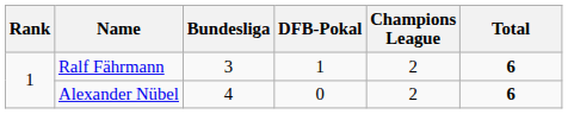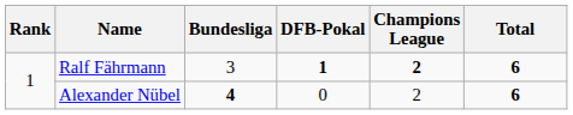 <table class="wikitable" style="text-align:center;">
 <tr>
 <th>Rank</th>
 <th>Name</th>
 <th>Bundesliga</th>
 <th>DFB-Pokal</th>
 <th>Champions<br>League</th>
 <th style="width:85px;">Total</th>
 </tr>
 <tr>
 <td rowspan=2>1</td>
 <td align="left"> <a href='#'>Ralf Fährmann</a></td>
 <td>3</td>
-<td>1</td>
-<td>2</td>
+<td><strong>1</strong></td>
+<td><strong>2</strong></td>
 <td><strong>6</strong></td>
 </tr>
 <tr>
 <td align="left"> <a href='#'>Alexander Nübel</a></td>
-<td>4</td>
+<td><strong>4</strong></td>
 <td>0</td>
 <td>2</td>
 <td><strong>6</strong></td>
 </tr>
 </table>
